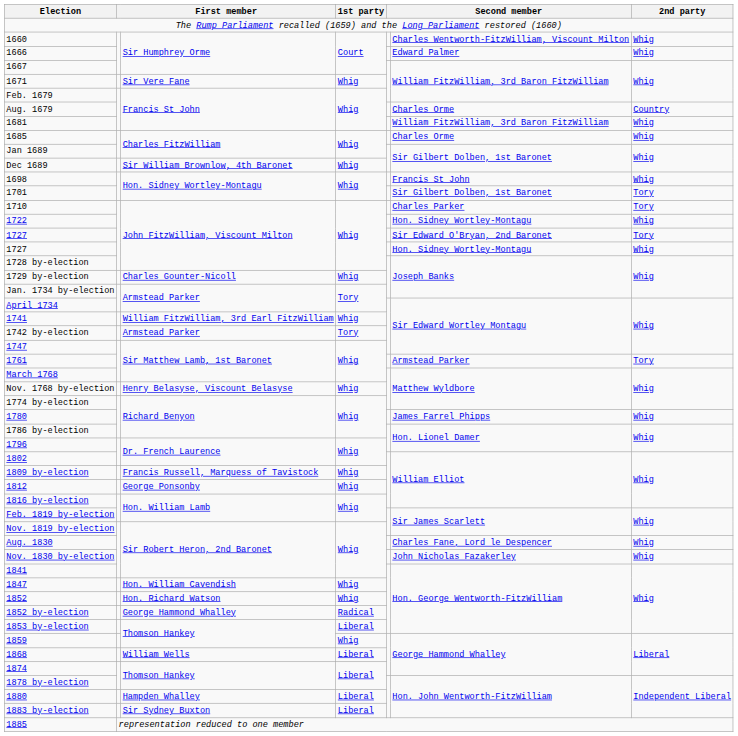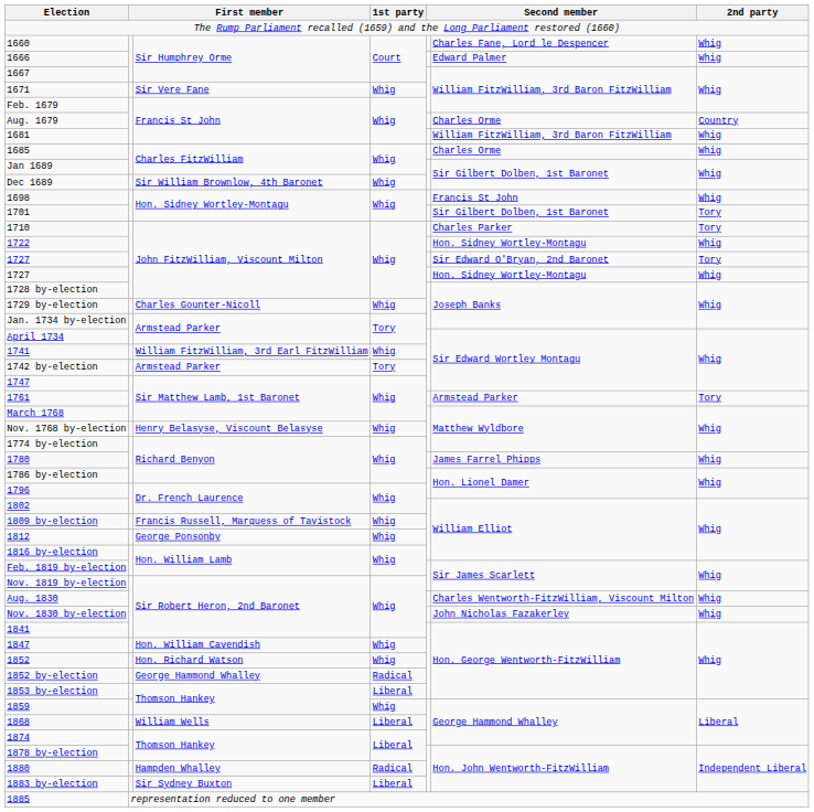 <table class="wikitable">
 <tr>
 <th>Election</th>
 <th colspan="2">First member</th>
 <th>1st party</th>
 <th colspan="2">Second member</th>
 <th>2nd party</th>
 </tr>
 <tr style="text-align:center">
 <td colspan=7><em>The <a href='#'>Rump Parliament</a> recalled (1659) and the <a href='#'>Long Parliament</a> restored (1660)</em></td>
 </tr>
 <tr>
 <td>1660</td>
 <td rowspan="3" style="color:inherit;background-color: "></td>
 <td rowspan="3"><a href='#'>Sir Humphrey Orme</a></td>
 <td rowspan="3"><a href='#'>Court</a></td>
 <td style="color:inherit;background-color: "></td>
-<td><a href='#'>Charles Wentworth-FitzWilliam, Viscount Milton</a></td>
+<td><a href='#'>Charles Fane, Lord le Despencer</a></td>
 <td><a href='#'>Whig</a></td>
 </tr>
 <tr>
 <td>1666</td>
 <td style="color:inherit;background-color: "></td>
 <td><a href='#'>Edward Palmer</a></td>
 <td><a href='#'>Whig</a></td>
 </tr>
 <tr>
 <td>1667</td>
 <td rowspan="3" style="color:inherit;background-color: "></td>
 <td rowspan="3"><a href='#'>William FitzWilliam, 3rd Baron FitzWilliam</a></td>
 <td rowspan="3"><a href='#'>Whig</a></td>
 </tr>
 <tr>
 <td>1671</td>
 <td style="color:inherit;background-color: "></td>
 <td><a href='#'>Sir Vere Fane</a></td>
 <td><a href='#'>Whig</a></td>
 </tr>
 <tr>
 <td>Feb. 1679</td>
 <td rowspan="3" style="color:inherit;background-color: "></td>
 <td rowspan="3"><a href='#'>Francis St John</a></td>
 <td rowspan="3"><a href='#'>Whig</a></td>
 </tr>
 <tr>
 <td>Aug. 1679</td>
 <td style="color:inherit;background-color: "></td>
 <td><a href='#'>Charles Orme</a></td>
 <td><a href='#'>Country</a></td>
 </tr>
 <tr>
 <td>1681</td>
 <td style="color:inherit;background-color: "></td>
 <td><a href='#'>William FitzWilliam, 3rd Baron FitzWilliam</a></td>
 <td><a href='#'>Whig</a></td>
 </tr>
 <tr>
 <td>1685</td>
 <td rowspan="2" style="color:inherit;background-color: "></td>
 <td rowspan="2"><a href='#'>Charles FitzWilliam</a></td>
 <td rowspan="2"><a href='#'>Whig</a></td>
 <td style="color:inherit;background-color: "></td>
 <td><a href='#'>Charles Orme</a></td>
 <td><a href='#'>Whig</a></td>
 </tr>
 <tr>
 <td>Jan 1689</td>
 <td rowspan="2" style="color:inherit;background-color: "></td>
 <td rowspan="2"><a href='#'>Sir Gilbert Dolben, 1st Baronet</a></td>
 <td rowspan="2"><a href='#'>Whig</a></td>
 </tr>
 <tr>
 <td>Dec 1689</td>
 <td style="color:inherit;background-color: "></td>
 <td><a href='#'>Sir William Brownlow, 4th Baronet</a></td>
 <td><a href='#'>Whig</a></td>
 </tr>
 <tr>
 <td>1698</td>
 <td rowspan="2" style="color:inherit;background-color: "></td>
 <td rowspan="2"><a href='#'>Hon. Sidney Wortley-Montagu</a></td>
 <td rowspan="2"><a href='#'>Whig</a></td>
 <td style="color:inherit;background-color: "></td>
 <td><a href='#'>Francis St John</a></td>
 <td><a href='#'>Whig</a></td>
 </tr>
 <tr>
 <td>1701</td>
 <td style="color:inherit;background-color: "></td>
 <td><a href='#'>Sir Gilbert Dolben, 1st Baronet</a></td>
 <td><a href='#'>Tory</a></td>
 </tr>
 <tr>
 <td>1710</td>
 <td rowspan="5" style="color:inherit;background-color: "></td>
 <td rowspan="5"><a href='#'>John FitzWilliam, Viscount Milton</a></td>
 <td rowspan="5"><a href='#'>Whig</a></td>
 <td style="color:inherit;background-color: "></td>
 <td><a href='#'>Charles Parker</a></td>
 <td><a href='#'>Tory</a></td>
 </tr>
 <tr>
 <td><a href='#'>1722</a></td>
 <td style="color:inherit;background-color: "></td>
 <td><a href='#'>Hon. Sidney Wortley-Montagu</a></td>
 <td><a href='#'>Whig</a></td>
 </tr>
 <tr>
 <td><a href='#'>1727</a></td>
 <td style="color:inherit;background-color: "></td>
 <td><a href='#'>Sir Edward O'Bryan, 2nd Baronet</a></td>
 <td><a href='#'>Tory</a></td>
 </tr>
 <tr>
 <td>1727</td>
 <td style="color:inherit;background-color: "></td>
 <td><a href='#'>Hon. Sidney Wortley-Montagu</a></td>
 <td><a href='#'>Whig</a></td>
 </tr>
 <tr>
 <td>1728 by-election</td>
 <td rowspan="3" style="color:inherit;background-color: "></td>
 <td rowspan="3"><a href='#'>Joseph Banks</a></td>
 <td rowspan="3"><a href='#'>Whig</a></td>
 </tr>
 <tr>
 <td>1729 by-election</td>
 <td style="color:inherit;background-color: "></td>
 <td><a href='#'>Charles Gounter-Nicoll</a></td>
 <td><a href='#'>Whig</a></td>
 </tr>
 <tr>
 <td>Jan. 1734 by-election</td>
 <td rowspan="2" style="color:inherit;background-color: "></td>
 <td rowspan="2"><a href='#'>Armstead Parker</a></td>
 <td rowspan="2"><a href='#'>Tory</a></td>
 </tr>
 <tr>
 <td><a href='#'>April 1734</a></td>
 <td rowspan="4" style="color:inherit;background-color: "></td>
 <td rowspan="4"><a href='#'>Sir Edward Wortley Montagu</a></td>
 <td rowspan="4"><a href='#'>Whig</a></td>
 </tr>
 <tr>
 <td><a href='#'>1741</a></td>
 <td style="color:inherit;background-color: "></td>
 <td><a href='#'>William FitzWilliam, 3rd Earl FitzWilliam</a></td>
 <td><a href='#'>Whig</a></td>
 </tr>
 <tr>
 <td>1742 by-election</td>
 <td style="color:inherit;background-color: "></td>
 <td><a href='#'>Armstead Parker</a></td>
 <td><a href='#'>Tory</a></td>
 </tr>
 <tr>
 <td><a href='#'>1747</a></td>
 <td rowspan="3" style="color:inherit;background-color: "></td>
 <td rowspan="3"><a href='#'>Sir Matthew Lamb, 1st Baronet</a></td>
 <td rowspan="3"><a href='#'>Whig</a></td>
 </tr>
 <tr>
 <td><a href='#'>1761</a></td>
 <td style="color:inherit;background-color: "></td>
 <td><a href='#'>Armstead Parker</a></td>
 <td><a href='#'>Tory</a></td>
 </tr>
 <tr>
 <td><a href='#'>March 1768</a></td>
 <td rowspan="3" style="color:inherit;background-color: "></td>
 <td rowspan="3"><a href='#'>Matthew Wyldbore</a></td>
 <td rowspan="3"><a href='#'>Whig</a></td>
 </tr>
 <tr>
 <td>Nov. 1768 by-election</td>
 <td style="color:inherit;background-color: "></td>
 <td><a href='#'>Henry Belasyse, Viscount Belasyse</a></td>
 <td><a href='#'>Whig</a></td>
 </tr>
 <tr>
 <td>1774 by-election</td>
 <td rowspan="3" style="color:inherit;background-color: "></td>
 <td rowspan="3"><a href='#'>Richard Benyon</a></td>
 <td rowspan="3"><a href='#'>Whig</a></td>
 </tr>
 <tr>
 <td><a href='#'>1780</a></td>
 <td style="color:inherit;background-color: "></td>
 <td><a href='#'>James Farrel Phipps</a></td>
 <td><a href='#'>Whig</a></td>
 </tr>
 <tr>
 <td>1786 by-election</td>
 <td rowspan="2" style="color:inherit;background-color: "></td>
 <td rowspan="2"><a href='#'>Hon. Lionel Damer</a></td>
 <td rowspan="2"><a href='#'>Whig</a></td>
 </tr>
 <tr>
 <td><a href='#'>1796</a></td>
 <td rowspan="2" style="color:inherit;background-color: "></td>
 <td rowspan="2"><a href='#'>Dr. French Laurence</a></td>
 <td rowspan="2"><a href='#'>Whig</a></td>
 </tr>
 <tr>
 <td><a href='#'>1802</a></td>
 <td rowspan="4" style="color:inherit;background-color: "></td>
 <td rowspan="4"><a href='#'>William Elliot</a></td>
 <td rowspan="4"><a href='#'>Whig</a></td>
 </tr>
 <tr>
 <td><a href='#'>1809 by-election</a></td>
 <td style="color:inherit;background-color: "></td>
 <td><a href='#'>Francis Russell, Marquess of Tavistock</a></td>
 <td><a href='#'>Whig</a></td>
 </tr>
 <tr>
 <td><a href='#'>1812</a></td>
 <td style="color:inherit;background-color: "></td>
 <td><a href='#'>George Ponsonby</a></td>
 <td><a href='#'>Whig</a></td>
 </tr>
 <tr>
 <td><a href='#'>1816 by-election</a></td>
 <td rowspan="2" style="color:inherit;background-color: "></td>
 <td rowspan="2"><a href='#'>Hon. William Lamb</a></td>
 <td rowspan="2"><a href='#'>Whig</a></td>
 </tr>
 <tr>
 <td><a href='#'>Feb. 1819 by-election</a></td>
 <td rowspan="2" style="color:inherit;background-color: "></td>
 <td rowspan="2"><a href='#'>Sir James Scarlett</a></td>
 <td rowspan="2"><a href='#'>Whig</a></td>
 </tr>
 <tr>
 <td><a href='#'>Nov. 1819 by-election</a></td>
 <td rowspan="4" style="color:inherit;background-color: "></td>
 <td rowspan="4"><a href='#'>Sir Robert Heron, 2nd Baronet</a></td>
 <td rowspan="4"><a href='#'>Whig</a></td>
 </tr>
 <tr>
 <td><a href='#'>Aug. 1830</a></td>
 <td style="color:inherit;background-color: "></td>
-<td><a href='#'>Charles Fane, Lord le Despencer</a></td>
+<td><a href='#'>Charles Wentworth-FitzWilliam, Viscount Milton</a></td>
 <td><a href='#'>Whig</a></td>
 </tr>
 <tr>
 <td><a href='#'>Nov. 1830 by-election</a></td>
 <td style="color:inherit;background-color: "></td>
 <td><a href='#'>John Nicholas Fazakerley</a></td>
 <td><a href='#'>Whig</a></td>
 </tr>
 <tr>
 <td><a href='#'>1841</a></td>
 <td rowspan="5" style="color:inherit;background-color: "></td>
 <td rowspan="5"><a href='#'>Hon. George Wentworth-FitzWilliam</a></td>
 <td rowspan="5"><a href='#'>Whig</a></td>
 </tr>
 <tr>
 <td><a href='#'>1847</a></td>
 <td style="color:inherit;background-color: "></td>
 <td><a href='#'>Hon. William Cavendish</a></td>
 <td><a href='#'>Whig</a></td>
 </tr>
 <tr>
 <td><a href='#'>1852</a></td>
 <td style="color:inherit;background-color: "></td>
 <td><a href='#'>Hon. Richard Watson</a></td>
 <td><a href='#'>Whig</a></td>
 </tr>
 <tr>
 <td><a href='#'>1852 by-election</a></td>
 <td style="color:inherit;background-color: "></td>
 <td><a href='#'>George Hammond Whalley</a></td>
 <td><a href='#'>Radical</a></td>
 </tr>
 <tr>
 <td><a href='#'>1853 by-election</a></td>
 <td style="color:inherit;background-color: "></td>
 <td rowspan="2"><a href='#'>Thomson Hankey</a></td>
 <td><a href='#'>Liberal</a></td>
 </tr>
 <tr>
 <td><a href='#'>1859</a></td>
 <td style="color:inherit;background-color: "></td>
 <td><a href='#'>Whig</a></td>
 <td rowspan="3" style="color:inherit;background-color: "></td>
 <td rowspan="3"><a href='#'>George Hammond Whalley</a></td>
 <td rowspan="3"><a href='#'>Liberal</a></td>
 </tr>
 <tr>
 <td><a href='#'>1868</a></td>
 <td style="color:inherit;background-color: "></td>
 <td><a href='#'>William Wells</a></td>
 <td><a href='#'>Liberal</a></td>
 </tr>
 <tr>
 <td><a href='#'>1874</a></td>
 <td rowspan="2" style="color:inherit;background-color: "></td>
 <td rowspan="2"><a href='#'>Thomson Hankey</a></td>
 <td rowspan="2"><a href='#'>Liberal</a></td>
 </tr>
 <tr>
 <td><a href='#'>1878 by-election</a></td>
 <td rowspan="3" style="color:inherit;background-color: "></td>
 <td rowspan="3"><a href='#'>Hon. John Wentworth-FitzWilliam</a></td>
 <td rowspan="3"><a href='#'>Independent Liberal</a></td>
 </tr>
 <tr>
 <td><a href='#'>1880</a></td>
 <td style="color:inherit;background-color: "></td>
 <td><a href='#'>Hampden Whalley</a></td>
-<td><a href='#'>Liberal</a></td>
+<td><a href='#'>Radical</a></td>
 </tr>
 <tr>
 <td><a href='#'>1883 by-election</a></td>
 <td style="color:inherit;background-color: "></td>
 <td><a href='#'>Sir Sydney Buxton</a></td>
 <td><a href='#'>Liberal</a></td>
 </tr>
 <tr>
 <td><a href='#'>1885</a></td>
 <td colspan="6"><em>representation reduced to one member</em></td>
 </tr>
 </table>
